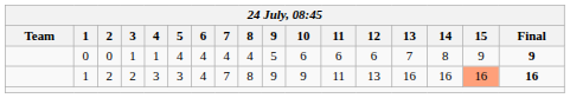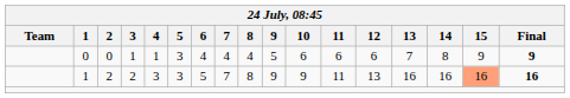 <table class=wikitable style="text-align:center; width: 55%">
 <tr>
 <th colspan=17><em>24 July, 08:45</em></th>
 </tr>
 <tr>
 <th>Team</th>
 <th>1</th>
 <th>2</th>
 <th>3</th>
 <th>4</th>
 <th>5</th>
 <th>6</th>
 <th>7</th>
 <th>8</th>
 <th>9</th>
 <th>10</th>
 <th>11</th>
 <th>12</th>
 <th>13</th>
 <th>14</th>
 <th>15</th>
 <th>Final</th>
 </tr>
 <tr>
 <td align=left></td>
 <td>0</td>
 <td>0</td>
 <td>1</td>
 <td>1</td>
-<td>4</td>
+<td>3</td>
 <td>4</td>
 <td>4</td>
 <td>4</td>
 <td>5</td>
 <td>6</td>
 <td>6</td>
 <td>6</td>
 <td>7</td>
 <td>8</td>
 <td>9</td>
 <td><strong>9</strong></td>
 </tr>
 <tr>
 <td align=left><strong></strong></td>
 <td>1</td>
 <td>2</td>
 <td>2</td>
 <td>3</td>
 <td>3</td>
-<td>4</td>
+<td>5</td>
 <td>7</td>
 <td>8</td>
 <td>9</td>
 <td>9</td>
 <td>11</td>
 <td>13</td>
 <td>16</td>
 <td>16</td>
 <td style="background: lightsalmon;">16</td>
 <td><strong>16</strong></td>
 </tr>
 <tr>
 <td colspan=17></td>
 </tr>
 </table>
